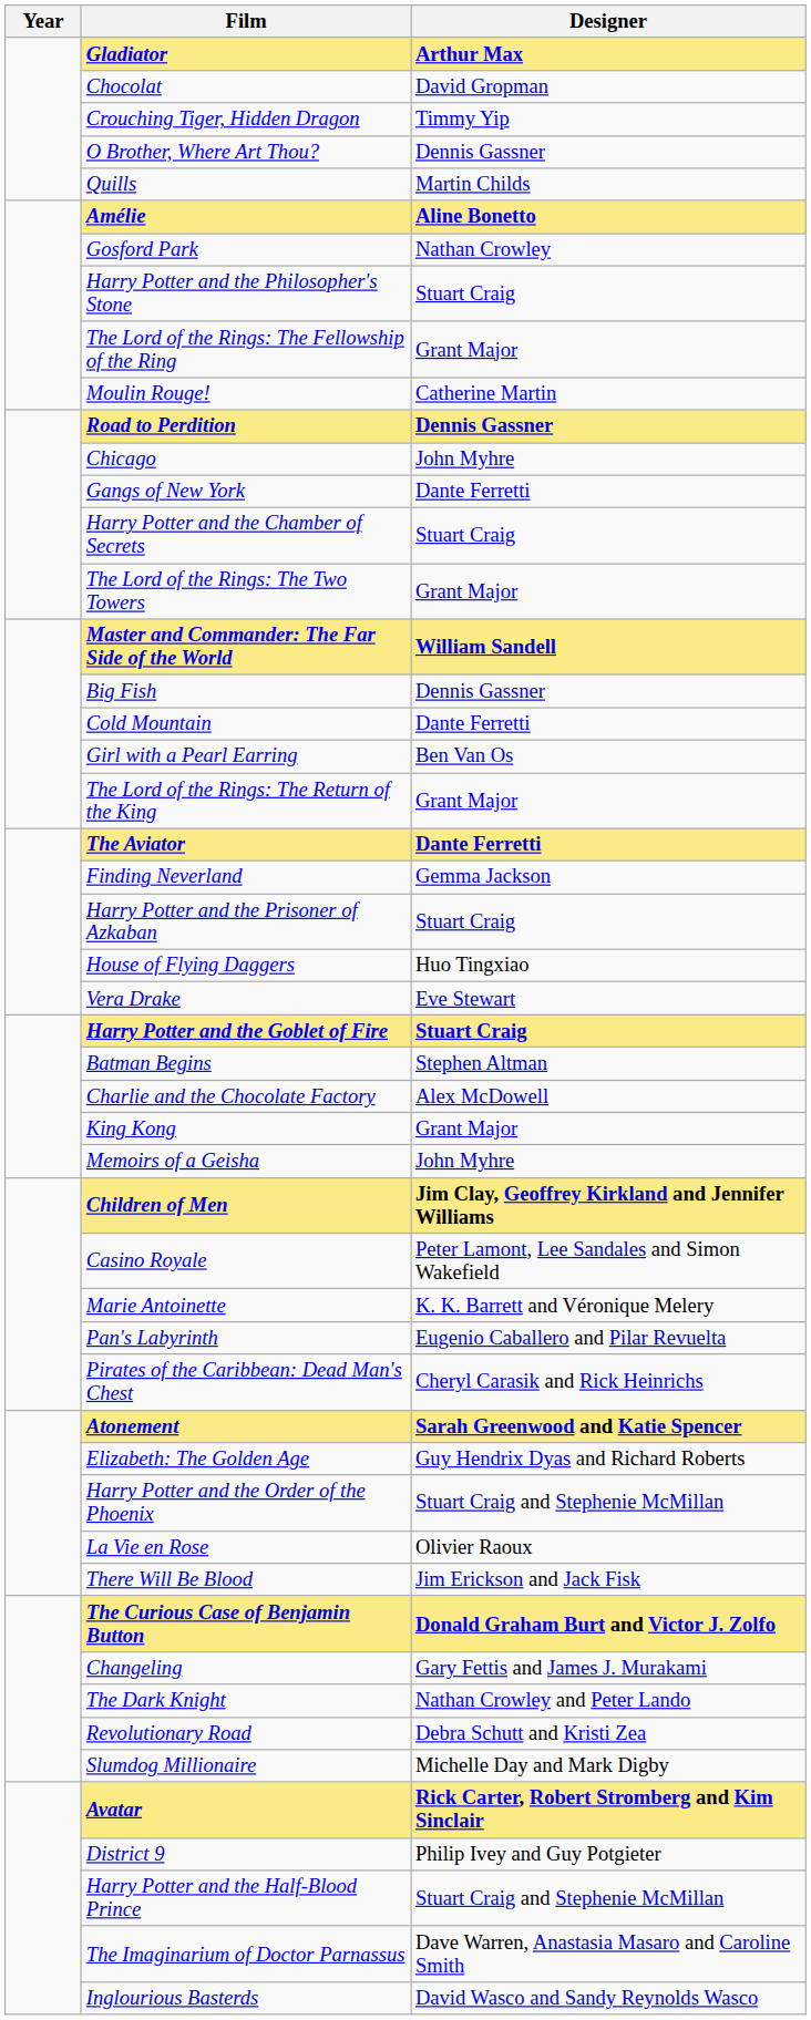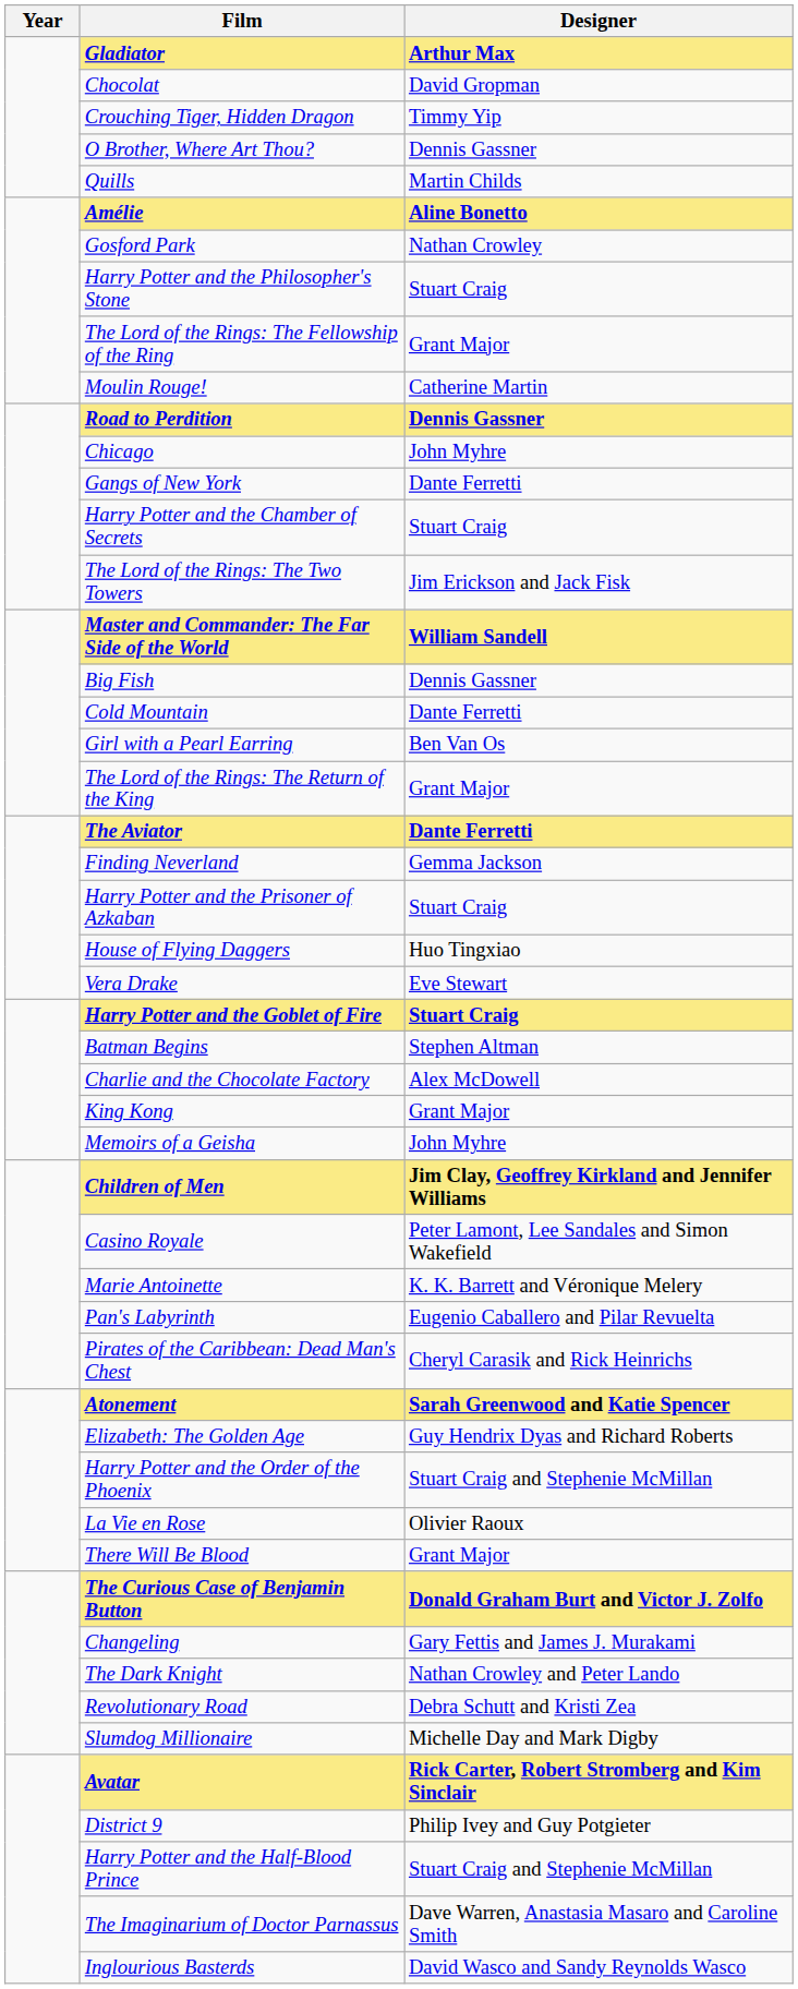 <table class="wikitable" style="width:100%;" cellpadding="5">
 <tr>
 <th style="width:5%;">Year</th>
 <th style="width:25%;">Film</th>
 <th style="width:30%;">Designer</th>
 </tr>
 <tr>
 <td rowspan="5"></td>
 <td style="background:#FAEB86"><strong><em><a href='#'>Gladiator</a></em></strong></td>
 <td style="background:#FAEB86"><strong><a href='#'>Arthur Max</a></strong></td>
 </tr>
 <tr>
 <td><em><a href='#'>Chocolat</a></em></td>
 <td><a href='#'>David Gropman</a></td>
 </tr>
 <tr>
 <td><em><a href='#'>Crouching Tiger, Hidden Dragon</a></em></td>
 <td><a href='#'>Timmy Yip</a></td>
 </tr>
 <tr>
 <td><em><a href='#'>O Brother, Where Art Thou?</a></em></td>
 <td><a href='#'>Dennis Gassner</a></td>
 </tr>
 <tr>
 <td><em><a href='#'>Quills</a></em></td>
 <td><a href='#'>Martin Childs</a></td>
 </tr>
 <tr>
 <td rowspan="5"></td>
 <td style="background:#FAEB86"><strong><em><a href='#'>Amélie</a></em></strong></td>
 <td style="background:#FAEB86"><strong><a href='#'>Aline Bonetto</a></strong></td>
 </tr>
 <tr>
 <td><em><a href='#'>Gosford Park</a></em></td>
 <td><a href='#'>Nathan Crowley</a></td>
 </tr>
 <tr>
 <td><em><a href='#'>Harry Potter and the Philosopher's Stone</a></em></td>
 <td><a href='#'>Stuart Craig</a></td>
 </tr>
 <tr>
 <td><em><a href='#'>The Lord of the Rings: The Fellowship of the Ring</a></em></td>
 <td><a href='#'>Grant Major</a></td>
 </tr>
 <tr>
 <td><em><a href='#'>Moulin Rouge!</a></em></td>
 <td><a href='#'>Catherine Martin</a></td>
 </tr>
 <tr>
 <td rowspan="5"></td>
 <td style="background:#FAEB86"><strong><em><a href='#'>Road to Perdition</a></em></strong></td>
 <td style="background:#FAEB86"><strong><a href='#'>Dennis Gassner</a></strong></td>
 </tr>
 <tr>
 <td><em><a href='#'>Chicago</a></em></td>
 <td><a href='#'>John Myhre</a></td>
 </tr>
 <tr>
 <td><em><a href='#'>Gangs of New York</a></em></td>
 <td><a href='#'>Dante Ferretti</a></td>
 </tr>
 <tr>
 <td><em><a href='#'>Harry Potter and the Chamber of Secrets</a></em></td>
 <td><a href='#'>Stuart Craig</a></td>
 </tr>
 <tr>
 <td><em><a href='#'>The Lord of the Rings: The Two Towers</a></em></td>
-<td><a href='#'>Grant Major</a></td>
+<td><a href='#'>Jim Erickson</a> and <a href='#'>Jack Fisk</a></td>
 </tr>
 <tr>
 <td rowspan="5"></td>
 <td style="background:#FAEB86"><strong><em><a href='#'>Master and Commander: The Far Side of the World</a></em></strong></td>
 <td style="background:#FAEB86"><strong><a href='#'>William Sandell</a></strong></td>
 </tr>
 <tr>
 <td><em><a href='#'>Big Fish</a></em></td>
 <td><a href='#'>Dennis Gassner</a></td>
 </tr>
 <tr>
 <td><em><a href='#'>Cold Mountain</a></em></td>
 <td><a href='#'>Dante Ferretti</a></td>
 </tr>
 <tr>
 <td><em><a href='#'>Girl with a Pearl Earring</a></em></td>
 <td><a href='#'>Ben Van Os</a></td>
 </tr>
 <tr>
 <td><em><a href='#'>The Lord of the Rings: The Return of the King</a></em></td>
 <td><a href='#'>Grant Major</a></td>
 </tr>
 <tr>
 <td rowspan="5"></td>
 <td style="background:#FAEB86"><strong><em><a href='#'>The Aviator</a></em></strong></td>
 <td style="background:#FAEB86"><strong><a href='#'>Dante Ferretti</a></strong></td>
 </tr>
 <tr>
 <td><em><a href='#'>Finding Neverland</a></em></td>
 <td><a href='#'>Gemma Jackson</a></td>
 </tr>
 <tr>
 <td><em><a href='#'>Harry Potter and the Prisoner of Azkaban</a></em></td>
 <td><a href='#'>Stuart Craig</a></td>
 </tr>
 <tr>
 <td><em><a href='#'>House of Flying Daggers</a></em></td>
 <td>Huo Tingxiao</td>
 </tr>
 <tr>
 <td><em><a href='#'>Vera Drake</a></em></td>
 <td><a href='#'>Eve Stewart</a></td>
 </tr>
 <tr>
 <td rowspan="5"></td>
 <td style="background:#FAEB86"><strong><em><a href='#'>Harry Potter and the Goblet of Fire</a></em></strong></td>
 <td style="background:#FAEB86"><strong><a href='#'>Stuart Craig</a></strong></td>
 </tr>
 <tr>
 <td><em><a href='#'>Batman Begins</a></em></td>
 <td><a href='#'>Stephen Altman</a></td>
 </tr>
 <tr>
 <td><em><a href='#'>Charlie and the Chocolate Factory</a></em></td>
 <td><a href='#'>Alex McDowell</a></td>
 </tr>
 <tr>
 <td><em><a href='#'>King Kong</a></em></td>
 <td><a href='#'>Grant Major</a></td>
 </tr>
 <tr>
 <td><em><a href='#'>Memoirs of a Geisha</a></em></td>
 <td><a href='#'>John Myhre</a></td>
 </tr>
 <tr>
 <td rowspan="5"></td>
 <td style="background:#FAEB86"><strong><em><a href='#'>Children of Men</a></em></strong></td>
 <td style="background:#FAEB86"><strong>Jim Clay, <a href='#'>Geoffrey Kirkland</a> and Jennifer Williams</strong></td>
 </tr>
 <tr>
 <td><em><a href='#'>Casino Royale</a></em></td>
 <td><a href='#'>Peter Lamont</a>, <a href='#'>Lee Sandales</a> and Simon Wakefield</td>
 </tr>
 <tr>
 <td><em><a href='#'>Marie Antoinette</a></em></td>
 <td><a href='#'>K. K. Barrett</a> and Véronique Melery</td>
 </tr>
 <tr>
 <td><em><a href='#'>Pan's Labyrinth</a></em></td>
 <td><a href='#'>Eugenio Caballero</a> and <a href='#'>Pilar Revuelta</a></td>
 </tr>
 <tr>
 <td><em><a href='#'>Pirates of the Caribbean: Dead Man's Chest</a></em></td>
 <td><a href='#'>Cheryl Carasik</a> and <a href='#'>Rick Heinrichs</a></td>
 </tr>
 <tr>
 <td rowspan="5"></td>
 <td style="background:#FAEB86"><strong><em><a href='#'>Atonement</a></em></strong></td>
 <td style="background:#FAEB86"><strong><a href='#'>Sarah Greenwood</a> and <a href='#'>Katie Spencer</a></strong></td>
 </tr>
 <tr>
 <td><em><a href='#'>Elizabeth: The Golden Age</a></em></td>
 <td><a href='#'>Guy Hendrix Dyas</a> and Richard Roberts</td>
 </tr>
 <tr>
 <td><em><a href='#'>Harry Potter and the Order of the Phoenix</a></em></td>
 <td><a href='#'>Stuart Craig</a> and <a href='#'>Stephenie McMillan</a></td>
 </tr>
 <tr>
 <td><em><a href='#'>La Vie en Rose</a></em></td>
 <td>Olivier Raoux</td>
 </tr>
 <tr>
 <td><em><a href='#'>There Will Be Blood</a></em></td>
-<td><a href='#'>Jim Erickson</a> and <a href='#'>Jack Fisk</a></td>
+<td><a href='#'>Grant Major</a></td>
 </tr>
 <tr>
 <td rowspan="5"></td>
 <td style="background:#FAEB86"><strong><em><a href='#'>The Curious Case of Benjamin Button</a></em></strong></td>
 <td style="background:#FAEB86"><strong><a href='#'>Donald Graham Burt</a> and <a href='#'>Victor J. Zolfo</a></strong></td>
 </tr>
 <tr>
 <td><em><a href='#'>Changeling</a></em></td>
 <td><a href='#'>Gary Fettis</a> and <a href='#'>James J. Murakami</a></td>
 </tr>
 <tr>
 <td><em><a href='#'>The Dark Knight</a></em></td>
 <td><a href='#'>Nathan Crowley</a> and <a href='#'>Peter Lando</a></td>
 </tr>
 <tr>
 <td><em><a href='#'>Revolutionary Road</a></em></td>
 <td><a href='#'>Debra Schutt</a> and <a href='#'>Kristi Zea</a></td>
 </tr>
 <tr>
 <td><em><a href='#'>Slumdog Millionaire</a></em></td>
 <td>Michelle Day and Mark Digby</td>
 </tr>
 <tr>
 <td rowspan="5"></td>
 <td style="background:#FAEB86"><strong><em><a href='#'>Avatar</a></em></strong></td>
 <td style="background:#FAEB86"><strong><a href='#'>Rick Carter</a>, <a href='#'>Robert Stromberg</a> and <a href='#'>Kim Sinclair</a></strong></td>
 </tr>
 <tr>
 <td><em><a href='#'>District 9</a></em></td>
 <td>Philip Ivey and Guy Potgieter</td>
 </tr>
 <tr>
 <td><em><a href='#'>Harry Potter and the Half-Blood Prince</a></em></td>
 <td><a href='#'>Stuart Craig</a> and <a href='#'>Stephenie McMillan</a></td>
 </tr>
 <tr>
 <td><em><a href='#'>The Imaginarium of Doctor Parnassus</a></em></td>
 <td>Dave Warren, <a href='#'>Anastasia Masaro</a> and <a href='#'>Caroline Smith</a></td>
 </tr>
 <tr>
 <td><em><a href='#'>Inglourious Basterds</a></em></td>
 <td><a href='#'>David Wasco and Sandy Reynolds Wasco</a></td>
 </tr>
 </table>
